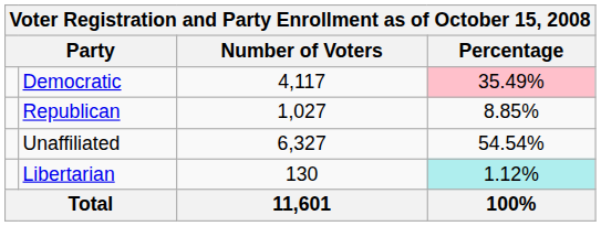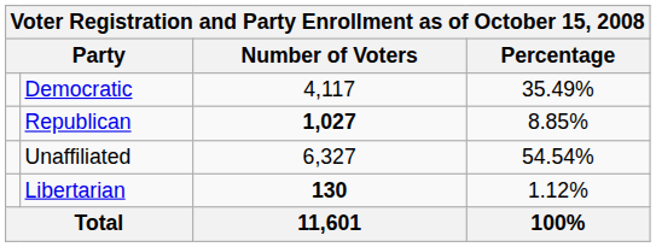 <table class=wikitable>
 <tr>
 <th colspan = 6>Voter Registration and Party Enrollment as of October 15, 2008</th>
 </tr>
 <tr>
 <th colspan = 2>Party</th>
 <th>Number of Voters</th>
 <th>Percentage</th>
 </tr>
 <tr>
 <td></td>
 <td><a href='#'>Democratic</a></td>
 <td align = center>4,117</td>
-<td align = center style="background: pink;">35.49%</td>
+<td align = center>35.49%</td>
 </tr>
 <tr>
 <td></td>
 <td><a href='#'>Republican</a></td>
-<td align = center>1,027</td>
+<td align = center><strong>1,027</strong></td>
 <td align = center>8.85%</td>
 </tr>
 <tr>
 <td></td>
 <td>Unaffiliated</td>
 <td align = center>6,327</td>
 <td align = center>54.54%</td>
 </tr>
 <tr>
 <td></td>
 <td><a href='#'>Libertarian</a></td>
-<td align = center>130</td>
-<td align = center style="background: paleturquoise;">1.12%</td>
+<td align = center><strong>130</strong></td>
+<td align = center>1.12%</td>
 </tr>
 <tr>
 <th colspan = 2>Total</th>
 <th align = center>11,601</th>
 <th align = center>100%</th>
 </tr>
 </table>
